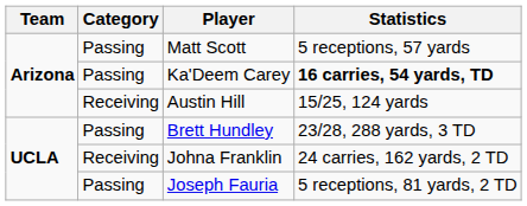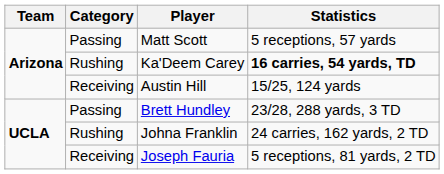 <table class="wikitable" style="float: right;">
 <tr>
 <th>Team</th>
 <th>Category</th>
 <th>Player</th>
 <th>Statistics</th>
 </tr>
 <tr>
 <td rowspan=3><strong>Arizona</strong></td>
 <td>Passing</td>
 <td>Matt Scott</td>
 <td>5 receptions, 57 yards</td>
 </tr>
 <tr>
-<td>Passing</td>
+<td>Rushing</td>
 <td>Ka'Deem Carey</td>
 <td><strong>16 carries, 54 yards, TD</strong></td>
 </tr>
 <tr>
 <td>Receiving</td>
 <td>Austin Hill</td>
 <td>15/25, 124 yards</td>
 </tr>
 <tr>
 <td rowspan=3><strong>UCLA</strong></td>
 <td>Passing</td>
 <td><a href='#'>Brett Hundley</a></td>
 <td>23/28, 288 yards, 3 TD</td>
 </tr>
 <tr>
-<td>Receiving</td>
+<td>Rushing</td>
 <td>Johna Franklin</td>
 <td>24 carries, 162 yards, 2 TD</td>
 </tr>
 <tr>
-<td>Passing</td>
+<td>Receiving</td>
 <td><a href='#'>Joseph Fauria</a></td>
 <td>5 receptions, 81 yards, 2 TD</td>
 </tr>
 </table>
